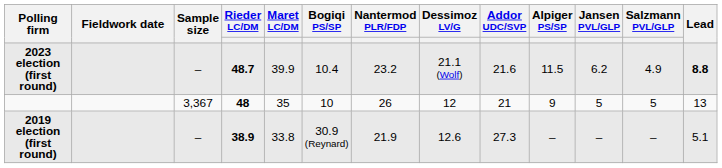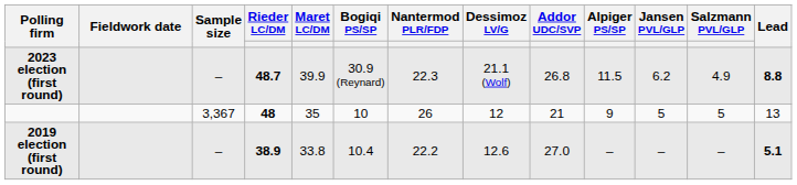 <table class="wikitable sortable" style="text-align:center;font-size:90%;line-height:14px;">
 <tr style="height:40px;">
 <th style="width:80px;" rowspan="2">Polling firm</th>
 <th style="width:130px;" rowspan="2">Fieldwork date</th>
 <th style="width:35px;" rowspan="2">Sample<br>size</th>
 <th class="unsortable" style="width:40px;"><a href='#'>Rieder</a><br><small><a href='#'>LC/DM</a></small></th>
 <th class="unsortable" style="width:40px;"><a href='#'>Maret</a><br><small><a href='#'>LC/DM</a></small></th>
 <th class="unsortable" style="width:40px;">Bogiqi<br><small><a href='#'>PS/SP</a></small></th>
 <th class="unsortable" style="width:40px;">Nantermod<br><small><a href='#'>PLR/FDP</a></small></th>
 <th class="unsortable" style="width:40px;">Dessimoz<br><small><a href='#'>LV/G</a></small></th>
 <th class="unsortable" style="width:40px;"><a href='#'>Addor</a><br><small><a href='#'>UDC/SVP</a></small></th>
 <th class="unsortable" style="width:40px;">Alpiger<br><small><a href='#'>PS/SP</a></small></th>
 <th class="unsortable" style="width:40px;">Jansen<br><small><a href='#'>PVL/GLP</a></small></th>
 <th class="unsortable" style="width:40px;">Salzmann<br><small><a href='#'>PVL/GLP</a></small></th>
 <th style="width:30px;" rowspan="2">Lead</th>
 </tr>
 <tr>
 <th style="background:"></th>
 <th style="background:"></th>
 <th style="background:"></th>
 <th style="background:"></th>
 <th style="background:"></th>
 <th style="background:"></th>
 <th style="background:"></th>
 <th style="background:"></th>
 <th style="background:"></th>
 </tr>
 <tr style="background:#E9E9E9;">
 <td><strong>2023 election (first round)</strong></td>
 <td></td>
 <td>–</td>
 <td style="background:#"><strong>48.7</strong></td>
 <td>39.9</td>
-<td>10.4</td>
-<td>23.2</td>
+<td>30.9<br><small>(Reynard)</small></td>
+<td>22.3</td>
 <td>21.1<br><small>(<a href='#'>Wolf</a>)</small></td>
-<td>21.6</td>
+<td>26.8</td>
 <td>11.5</td>
 <td>6.2</td>
 <td>4.9</td>
 <td style="background:"><strong>8.8</strong></td>
 </tr>
 <tr>
 <td></td>
 <td></td>
 <td>3,367</td>
 <td style="background:#"><strong>48</strong></td>
 <td>35</td>
 <td>10</td>
 <td>26</td>
 <td>12</td>
 <td>21</td>
 <td>9</td>
 <td>5</td>
 <td>5</td>
 <td style="background:">13</td>
 </tr>
 <tr style="background:#E9E9E9;">
 <td><strong>2019 election (first round)</strong></td>
 <td></td>
 <td>–</td>
 <td style="background:#"><strong>38.9</strong></td>
 <td>33.8</td>
-<td>30.9<br><small>(Reynard)</small></td>
-<td>21.9</td>
+<td>10.4</td>
+<td>22.2</td>
 <td>12.6</td>
-<td>27.3</td>
+<td>27.0</td>
 <td>–</td>
 <td>–</td>
 <td>–</td>
-<td style="background:">5.1</td>
+<td style="background:"><strong>5.1</strong></td>
 </tr>
 </table>
